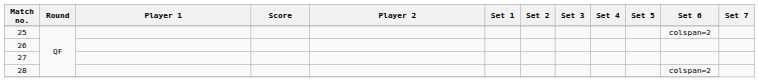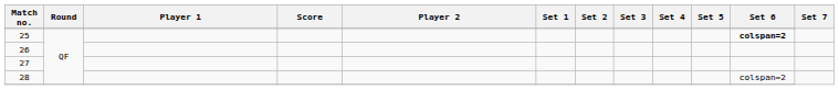 <table class="wikitable" style="text-align: center;">
 <tr>
 <th width="2%">Match no.</th>
 <th width="2%">Round</th>
 <th width="15%">Player 1</th>
 <th width="5%">Score</th>
 <th width="15%">Player 2</th>
 <th width="3%">Set 1</th>
 <th width="3%">Set 2</th>
 <th width="3%">Set 3</th>
 <th width="3%">Set 4</th>
 <th width="3%">Set 5</th>
 <th width="3%">Set 6</th>
 <th width="3%">Set 7</th>
 </tr>
 <tr>
 </tr>
 <tr style=text-align:center;>
 <td>25</td>
 <td rowspan=4>QF</td>
 <td></td>
 <td></td>
 <td></td>
 <td></td>
 <td></td>
 <td></td>
 <td></td>
 <td></td>
-<td>colspan=2</td>
+<td><strong>colspan=2</strong></td>
 </tr>
 <tr style=text-align:center;>
 <td>26</td>
 <td></td>
 <td></td>
 <td></td>
 <td></td>
 <td></td>
 <td></td>
 <td></td>
 <td></td>
 <td></td>
 <td></td>
 </tr>
 <tr style=text-align:center;>
 <td>27</td>
 <td></td>
 <td></td>
 <td></td>
 <td></td>
 <td></td>
 <td></td>
 <td></td>
 <td></td>
 <td></td>
 <td></td>
 </tr>
 <tr style=text-align:center;>
 <td>28</td>
 <td></td>
 <td></td>
 <td></td>
 <td></td>
 <td></td>
 <td></td>
 <td></td>
 <td></td>
 <td>colspan=2</td>
 </tr>
 <tr>
 </tr>
 </table>
